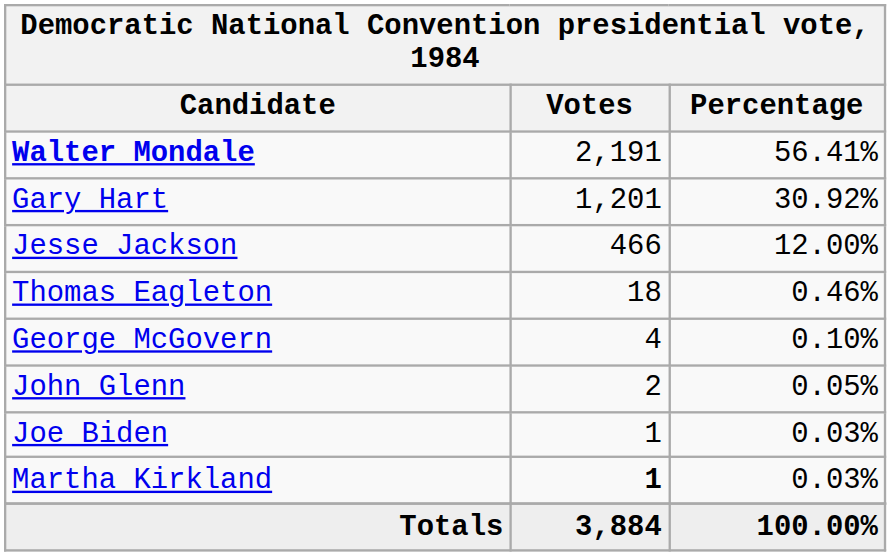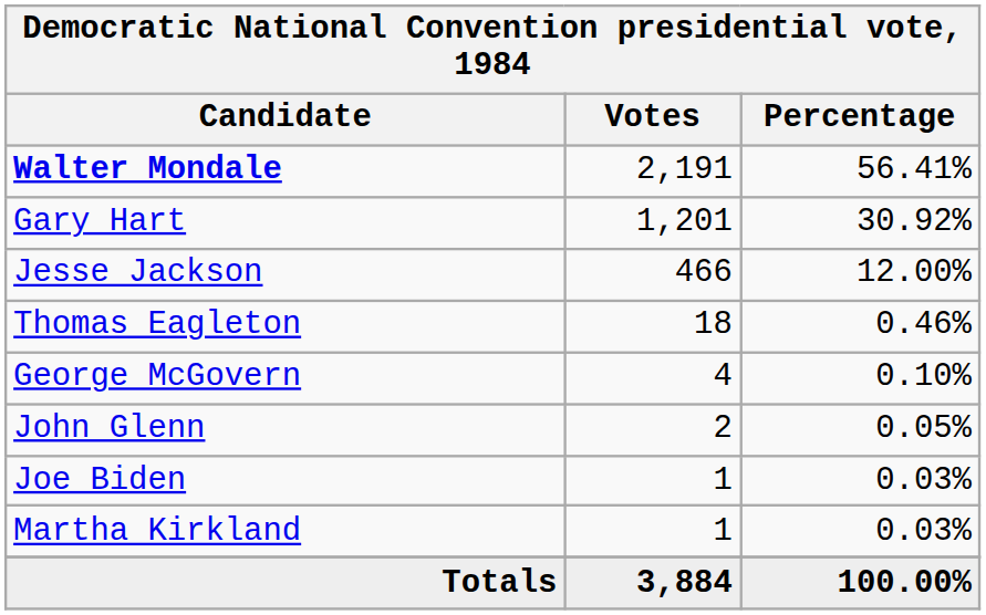 <table class="wikitable" style="font-size:95%;">
 <tr>
 <th colspan="3">Democratic National Convention presidential vote, 1984</th>
 </tr>
 <tr>
 <th style="width: 17em">Candidate</th>
 <th style="width: 5em">Votes</th>
 <th style="width: 7em">Percentage</th>
 </tr>
 <tr>
 <td><strong><a href='#'>Walter Mondale</a></strong></td>
 <td align="right">2,191</td>
 <td align="right">56.41%</td>
 </tr>
 <tr>
 <td><a href='#'>Gary Hart</a></td>
 <td align="right">1,201</td>
 <td align="right">30.92%</td>
 </tr>
 <tr>
 <td><a href='#'>Jesse Jackson</a></td>
 <td align="right">466</td>
 <td align="right">12.00%</td>
 </tr>
 <tr>
 <td><a href='#'>Thomas Eagleton</a></td>
 <td align="right">18</td>
 <td align="right">0.46%</td>
 </tr>
 <tr>
 <td><a href='#'>George McGovern</a></td>
 <td align="right">4</td>
 <td align="right">0.10%</td>
 </tr>
 <tr>
 <td><a href='#'>John Glenn</a></td>
 <td align="right">2</td>
 <td align="right">0.05%</td>
 </tr>
 <tr>
 <td><a href='#'>Joe Biden</a></td>
 <td align="right">1</td>
 <td align="right">0.03%</td>
 </tr>
 <tr>
 <td><a href='#'>Martha Kirkland</a></td>
-<td align="right"><strong>1</strong></td>
+<td align="right">1</td>
 <td align="right">0.03%</td>
 </tr>
 <tr>
 </tr>
 <tr bgcolor="#EEEEEE">
 <td align="right"><strong>Totals</strong></td>
 <td align="right"><strong>3,884</strong></td>
 <td align="right"><strong>100.00%</strong></td>
 </tr>
 </table>
